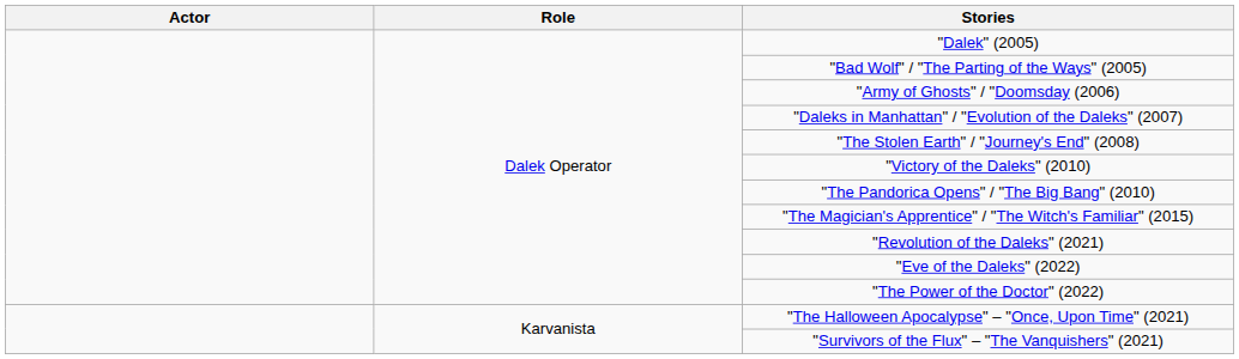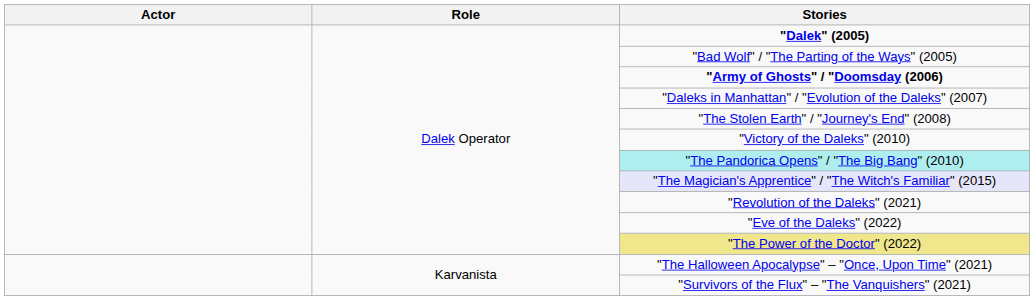 <table class="wikitable plainrowheaders sortable" style="text-align:center; width:99%;">
 <tr>
 <th style="width:30%;">Actor</th>
 <th scope="col" style="width:30%;">Role</th>
 <th scope="col" style="width:40%;">Stories</th>
 </tr>
 <tr>
 <td rowspan="11" scope="row"></td>
 <td rowspan="11"><a href='#'>Dalek</a> Operator</td>
-<td data-sort-value="161">"<a href='#'>Dalek</a>" (2005)</td>
+<td data-sort-value="161"><strong>"<a href='#'>Dalek</a>" (2005)</strong></td>
 </tr>
 <tr>
 <td data-sort-value="166a">"<a href='#'>Bad Wolf</a>" / "<a href='#'>The Parting of the Ways</a>" (2005)</td>
 </tr>
 <tr>
-<td data-sort-value="177a">"<a href='#'>Army of Ghosts</a>" / "<a href='#'>Doomsday</a> (2006)</td>
+<td data-sort-value="177a"><strong>"<a href='#'>Army of Ghosts</a>" / "<a href='#'>Doomsday</a> (2006)</strong></td>
 </tr>
 <tr>
 <td data-sort-value="182a">"<a href='#'>Daleks in Manhattan</a>" / "<a href='#'>Evolution of the Daleks</a>" (2007)</td>
 </tr>
 <tr>
 <td data-sort-value="198a">"<a href='#'>The Stolen Earth</a>" / "<a href='#'>Journey's End</a>" (2008)</td>
 </tr>
 <tr>
 <td data-sort-value="205">"<a href='#'>Victory of the Daleks</a>" (2010)</td>
 </tr>
 <tr>
-<td data-sort-value="212a">"<a href='#'>The Pandorica Opens</a>" / "<a href='#'>The Big Bang</a>" (2010)</td>
+<td data-sort-value="212a" style="background: paleturquoise;">"<a href='#'>The Pandorica Opens</a>" / "<a href='#'>The Big Bang</a>" (2010)</td>
 </tr>
 <tr>
-<td data-sort-value="254a">"<a href='#'>The Magician's Apprentice</a>" / "<a href='#'>The Witch's Familiar</a>" (2015)</td>
+<td data-sort-value="254a" style="background: lavender;">"<a href='#'>The Magician's Apprentice</a>" / "<a href='#'>The Witch's Familiar</a>" (2015)</td>
 </tr>
 <tr>
 <td data-sort-value="296">"<a href='#'>Revolution of the Daleks</a>" (2021)</td>
 </tr>
 <tr>
 <td data-sort-value="298">"<a href='#'>Eve of the Daleks</a>" (2022)</td>
 </tr>
 <tr>
-<td data-sort-value="300">"<a href='#'>The Power of the Doctor</a>" (2022)</td>
+<td data-sort-value="300" style="background: khaki;">"<a href='#'>The Power of the Doctor</a>" (2022)</td>
 </tr>
 <tr>
 <td rowspan="2" scope="row"></td>
 <td rowspan="2">Karvanista</td>
 <td data-sort-value="297a">"<a href='#'>The Halloween Apocalypse</a>" – "<a href='#'>Once, Upon Time</a>" (2021)</td>
 </tr>
 <tr>
 <td data-sort-value="297e">"<a href='#'>Survivors of the Flux</a>" – "<a href='#'>The Vanquishers</a>" (2021)</td>
 </tr>
 </table>
